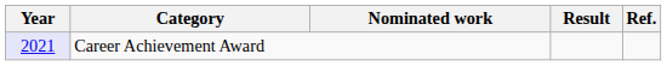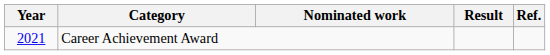 <table class=wikitable>
 <tr>
 <th scope="col" style="width:5em;">Year</th>
 <th scope="col" style="width:26em;">Category</th>
 <th scope="col" style="width:25em;">Nominated work</th>
 <th scope="col" style="width:5em;">Result</th>
 <th>Ref.</th>
 </tr>
 <tr>
-<td style="background: lavender; text-align:center;"><a href='#'>2021</a></td>
+<td style="text-align:center;"><a href='#'>2021</a></td>
 <td colspan=2>Career Achievement Award</td>
 <td></td>
 <td></td>
 </tr>
 </table>
